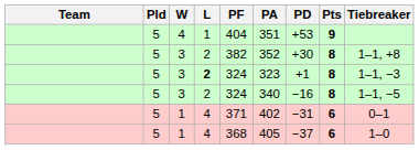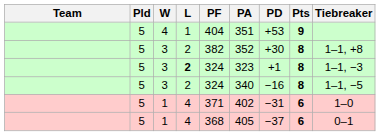 <table class="wikitable" style="text-align:center;">
 <tr>
 <th width=170>Team</th>
 <th width=25>Pld</th>
 <th width=25>W</th>
 <th width=25>L</th>
 <th width=35>PF</th>
 <th width=35>PA</th>
 <th width=35>PD</th>
 <th width=25>Pts</th>
 <th width=45>Tiebreaker</th>
 </tr>
 <tr bgcolor=ccffcc>
 <td align="left"></td>
 <td>5</td>
 <td>4</td>
 <td>1</td>
 <td>404</td>
 <td>351</td>
 <td>+53</td>
 <td><strong>9</strong></td>
 <td></td>
 </tr>
 <tr bgcolor=ccffcc>
 <td align="left"></td>
 <td>5</td>
 <td>3</td>
 <td>2</td>
 <td>382</td>
 <td>352</td>
 <td>+30</td>
 <td><strong>8</strong></td>
 <td>1–1, +8</td>
 </tr>
 <tr bgcolor=ccffcc>
 <td align="left"></td>
 <td>5</td>
 <td>3</td>
 <td><strong>2</strong></td>
 <td>324</td>
 <td>323</td>
 <td>+1</td>
 <td><strong>8</strong></td>
 <td>1–1, −3</td>
 </tr>
 <tr bgcolor=ccffcc>
 <td align="left"></td>
 <td>5</td>
 <td>3</td>
 <td>2</td>
 <td>324</td>
 <td>340</td>
 <td>−16</td>
 <td><strong>8</strong></td>
 <td>1–1, −5</td>
 </tr>
 <tr bgcolor=ffcccc>
 <td align="left"></td>
 <td>5</td>
 <td>1</td>
 <td>4</td>
 <td>371</td>
 <td>402</td>
 <td>−31</td>
 <td><strong>6</strong></td>
-<td>0–1</td>
+<td>1–0</td>
 </tr>
 <tr bgcolor=ffcccc>
 <td align="left"></td>
 <td>5</td>
 <td>1</td>
 <td>4</td>
 <td>368</td>
 <td>405</td>
 <td>−37</td>
 <td><strong>6</strong></td>
-<td>1–0</td>
+<td>0–1</td>
 </tr>
 </table>
